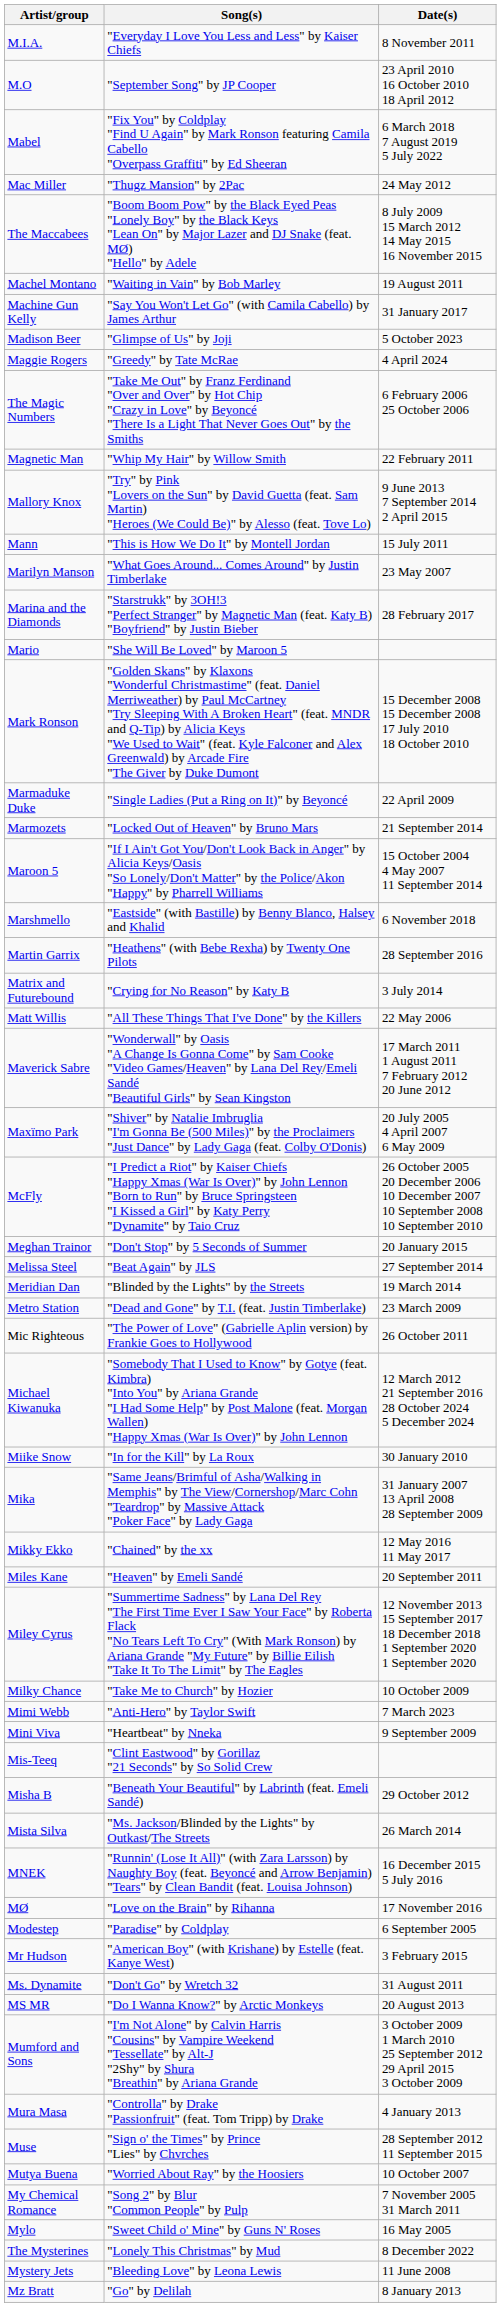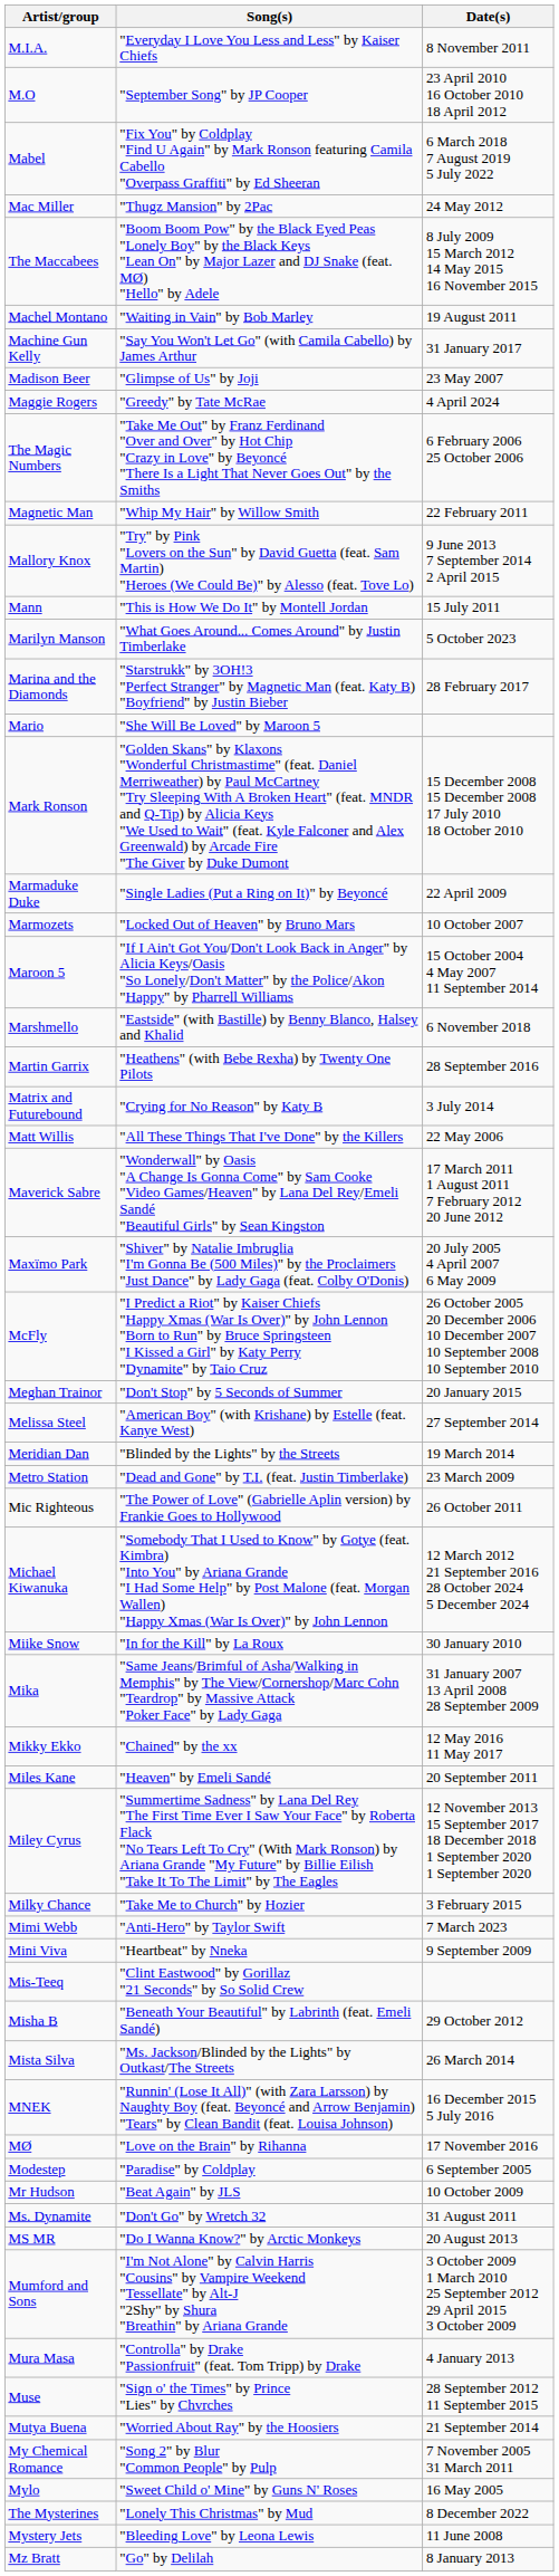 <table class="wikitable">
 <tr>
 <th>Artist/group</th>
 <th>Song(s)</th>
 <th>Date(s)</th>
 </tr>
 <tr>
 <td><a href='#'>M.I.A.</a></td>
 <td>"<a href='#'>Everyday I Love You Less and Less</a>" by <a href='#'>Kaiser Chiefs</a></td>
 <td>8 November 2011</td>
 </tr>
 <tr>
 <td><a href='#'>M.O</a></td>
 <td>"<a href='#'>September Song</a>" by <a href='#'>JP Cooper</a></td>
 <td>23 April 2010<br>16 October 2010<br>18 April 2012</td>
 </tr>
 <tr>
 <td><a href='#'>Mabel</a></td>
 <td>"<a href='#'>Fix You</a>" by <a href='#'>Coldplay</a><br>"<a href='#'>Find U Again</a>" by <a href='#'>Mark Ronson</a> featuring <a href='#'>Camila Cabello</a><br>"<a href='#'>Overpass Graffiti</a>" by <a href='#'>Ed Sheeran</a></td>
 <td>6 March 2018<br>7 August 2019<br>5 July 2022</td>
 </tr>
 <tr>
 <td><a href='#'>Mac Miller</a></td>
 <td>"<a href='#'>Thugz Mansion</a>" by <a href='#'>2Pac</a></td>
 <td>24 May 2012</td>
 </tr>
 <tr>
 <td><a href='#'>The Maccabees</a></td>
 <td>"<a href='#'>Boom Boom Pow</a>" by <a href='#'>the Black Eyed Peas</a><br>"<a href='#'>Lonely Boy</a>" by <a href='#'>the Black Keys</a><br>"<a href='#'>Lean On</a>" by <a href='#'>Major Lazer</a> and <a href='#'>DJ Snake</a> (feat. <a href='#'>MØ</a>)<br>"<a href='#'>Hello</a>" by <a href='#'>Adele</a></td>
 <td>8 July 2009<br>15 March 2012<br>14 May 2015<br>16 November 2015</td>
 </tr>
 <tr>
 <td><a href='#'>Machel Montano</a></td>
 <td>"<a href='#'>Waiting in Vain</a>" by <a href='#'>Bob Marley</a></td>
 <td>19 August 2011</td>
 </tr>
 <tr>
 <td><a href='#'>Machine Gun Kelly</a></td>
 <td>"<a href='#'>Say You Won't Let Go</a>" (with <a href='#'>Camila Cabello</a>) by <a href='#'>James Arthur</a></td>
 <td>31 January 2017</td>
 </tr>
 <tr>
 <td><a href='#'>Madison Beer</a></td>
 <td>"<a href='#'>Glimpse of Us</a>" by <a href='#'>Joji</a></td>
-<td>5 October 2023</td>
+<td>23 May 2007</td>
 </tr>
 <tr>
 <td><a href='#'>Maggie Rogers</a></td>
 <td>"<a href='#'>Greedy</a>" by <a href='#'>Tate McRae</a></td>
 <td>4 April 2024</td>
 </tr>
 <tr>
 <td><a href='#'>The Magic Numbers</a></td>
 <td>"<a href='#'>Take Me Out</a>" by <a href='#'>Franz Ferdinand</a><br> "<a href='#'>Over and Over</a>" by <a href='#'>Hot Chip</a><br>"<a href='#'>Crazy in Love</a>" by <a href='#'>Beyoncé</a><br>"<a href='#'>There Is a Light That Never Goes Out</a>" by <a href='#'>the Smiths</a></td>
 <td>6 February 2006<br>25 October 2006<br><br></td>
 </tr>
 <tr>
 <td><a href='#'>Magnetic Man</a></td>
 <td>"<a href='#'>Whip My Hair</a>" by <a href='#'>Willow Smith</a></td>
 <td>22 February 2011</td>
 </tr>
 <tr>
 <td><a href='#'>Mallory Knox</a></td>
 <td>"<a href='#'>Try</a>" by <a href='#'>Pink</a><br> "<a href='#'>Lovers on the Sun</a>" by <a href='#'>David Guetta</a> (feat. <a href='#'>Sam Martin</a>)<br>"<a href='#'>Heroes (We Could Be)</a>" by <a href='#'>Alesso</a> (feat. <a href='#'>Tove Lo</a>)</td>
 <td>9 June 2013<br>7 September 2014<br>2 April 2015</td>
 </tr>
 <tr>
 <td><a href='#'>Mann</a></td>
 <td>"<a href='#'>This is How We Do It</a>" by <a href='#'>Montell Jordan</a></td>
 <td>15 July 2011</td>
 </tr>
 <tr>
 <td><a href='#'>Marilyn Manson</a></td>
 <td>"<a href='#'>What Goes Around... Comes Around</a>" by <a href='#'>Justin Timberlake</a></td>
-<td>23 May 2007</td>
+<td>5 October 2023</td>
 </tr>
 <tr>
 <td><a href='#'>Marina and the Diamonds</a></td>
 <td>"<a href='#'>Starstrukk</a>" by <a href='#'>3OH!3</a> <br>"<a href='#'>Perfect Stranger</a>" by <a href='#'>Magnetic Man</a> (feat. <a href='#'>Katy B</a>)<br>"<a href='#'>Boyfriend</a>" by <a href='#'>Justin Bieber</a></td>
 <td>28 February 2017</td>
 </tr>
 <tr>
 <td><a href='#'>Mario</a></td>
 <td>"<a href='#'>She Will Be Loved</a>" by <a href='#'>Maroon 5</a></td>
 <td></td>
 </tr>
 <tr>
 <td><a href='#'>Mark Ronson</a></td>
 <td>"<a href='#'>Golden Skans</a>" by <a href='#'>Klaxons</a><br>"<a href='#'>Wonderful Christmastime</a>" (feat. <a href='#'>Daniel Merriweather</a>) by <a href='#'>Paul McCartney</a> <br>"<a href='#'>Try Sleeping With A Broken Heart</a>" (feat. <a href='#'>MNDR</a> and <a href='#'>Q-Tip</a>) by <a href='#'>Alicia Keys</a> <br>"<a href='#'>We Used to Wait</a>" (feat. <a href='#'>Kyle Falconer</a> and <a href='#'>Alex Greenwald</a>) by <a href='#'>Arcade Fire</a> <br>"<a href='#'>The Giver</a> by <a href='#'>Duke Dumont</a></td>
 <td>15 December 2008 <br>15 December 2008<br> 17 July 2010<br> 18 October 2010</td>
 </tr>
 <tr>
 <td><a href='#'>Marmaduke Duke</a></td>
 <td>"<a href='#'>Single Ladies (Put a Ring on It)</a>" by <a href='#'>Beyoncé</a></td>
 <td>22 April 2009</td>
 </tr>
 <tr>
 <td><a href='#'>Marmozets</a></td>
 <td>"<a href='#'>Locked Out of Heaven</a>" by <a href='#'>Bruno Mars</a></td>
-<td>21 September 2014</td>
+<td>10 October 2007</td>
 </tr>
 <tr>
 <td><a href='#'>Maroon 5</a></td>
 <td>"<a href='#'>If I Ain't Got You</a>/<a href='#'>Don't Look Back in Anger</a>" by <a href='#'>Alicia Keys</a>/<a href='#'>Oasis</a><br>"<a href='#'>So Lonely</a>/<a href='#'>Don't Matter</a>" by <a href='#'>the Police</a>/<a href='#'>Akon</a><br>"<a href='#'>Happy</a>" by <a href='#'>Pharrell Williams</a></td>
 <td>15 October 2004<br>4 May 2007<br>11 September 2014</td>
 </tr>
 <tr>
 <td><a href='#'>Marshmello</a></td>
 <td>"<a href='#'>Eastside</a>" (with <a href='#'>Bastille</a>) by <a href='#'>Benny Blanco</a>, <a href='#'>Halsey</a> and <a href='#'>Khalid</a></td>
 <td>6 November 2018</td>
 </tr>
 <tr>
 <td><a href='#'>Martin Garrix</a></td>
 <td>"<a href='#'>Heathens</a>" (with <a href='#'>Bebe Rexha</a>) by <a href='#'>Twenty One Pilots</a></td>
 <td>28 September 2016</td>
 </tr>
 <tr>
 <td><a href='#'>Matrix and Futurebound</a></td>
 <td>"<a href='#'>Crying for No Reason</a>" by <a href='#'>Katy B</a></td>
 <td>3 July 2014</td>
 </tr>
 <tr>
 <td><a href='#'>Matt Willis</a></td>
 <td>"<a href='#'>All These Things That I've Done</a>" by <a href='#'>the Killers</a></td>
 <td>22 May 2006</td>
 </tr>
 <tr>
 <td><a href='#'>Maverick Sabre</a></td>
 <td>"<a href='#'>Wonderwall</a>" by <a href='#'>Oasis</a><br>"<a href='#'>A Change Is Gonna Come</a>" by <a href='#'>Sam Cooke</a><br>"<a href='#'>Video Games</a>/<a href='#'>Heaven</a>" by <a href='#'>Lana Del Rey</a>/<a href='#'>Emeli Sandé</a><br>"<a href='#'>Beautiful Girls</a>" by <a href='#'>Sean Kingston</a></td>
 <td>17 March 2011<br>1 August 2011<br>7 February 2012<br>20 June 2012</td>
 </tr>
 <tr>
 <td><a href='#'>Maxïmo Park</a></td>
 <td>"<a href='#'>Shiver</a>" by <a href='#'>Natalie Imbruglia</a><br>"<a href='#'>I'm Gonna Be (500 Miles)</a>" by <a href='#'>the Proclaimers</a><br>"<a href='#'>Just Dance</a>" by <a href='#'>Lady Gaga</a> (feat. <a href='#'>Colby O'Donis</a>)</td>
 <td>20 July 2005<br>4 April 2007<br>6 May 2009</td>
 </tr>
 <tr>
 <td><a href='#'>McFly</a></td>
 <td>"<a href='#'>I Predict a Riot</a>" by <a href='#'>Kaiser Chiefs</a><br>"<a href='#'>Happy Xmas (War Is Over)</a>" by <a href='#'>John Lennon</a><br>"<a href='#'>Born to Run</a>" by <a href='#'>Bruce Springsteen</a><br>"<a href='#'>I Kissed a Girl</a>" by <a href='#'>Katy Perry</a> <br>"<a href='#'>Dynamite</a>" by <a href='#'>Taio Cruz</a></td>
 <td>26 October 2005<br>20 December 2006<br>10 December 2007 <br>10 September 2008<br>10 September 2010</td>
 </tr>
 <tr>
 <td><a href='#'>Meghan Trainor</a></td>
 <td>"<a href='#'>Don't Stop</a>" by <a href='#'>5 Seconds of Summer</a></td>
 <td>20 January 2015</td>
 </tr>
 <tr>
 <td><a href='#'>Melissa Steel</a></td>
-<td>"<a href='#'>Beat Again</a>" by <a href='#'>JLS</a></td>
+<td>"<a href='#'>American Boy</a>" (with <a href='#'>Krishane</a>) by <a href='#'>Estelle</a> (feat. <a href='#'>Kanye West</a>)</td>
 <td>27 September 2014</td>
 </tr>
 <tr>
 <td><a href='#'>Meridian Dan</a></td>
 <td>"Blinded by the Lights" by <a href='#'>the Streets</a></td>
 <td>19 March 2014</td>
 </tr>
 <tr>
 <td><a href='#'>Metro Station</a></td>
 <td>"<a href='#'>Dead and Gone</a>" by <a href='#'>T.I.</a> (feat. <a href='#'>Justin Timberlake</a>)</td>
 <td>23 March 2009</td>
 </tr>
 <tr>
 <td>Mic Righteous</td>
 <td>"<a href='#'>The Power of Love</a>" (<a href='#'>Gabrielle Aplin</a> version) by <a href='#'>Frankie Goes to Hollywood</a></td>
 <td>26 October 2011</td>
 </tr>
 <tr>
 <td><a href='#'>Michael Kiwanuka</a></td>
 <td>"<a href='#'>Somebody That I Used to Know</a>" by <a href='#'>Gotye</a> (feat. <a href='#'>Kimbra</a>)<br>"<a href='#'>Into You</a>" by <a href='#'>Ariana Grande</a><br>"<a href='#'>I Had Some Help</a>" by <a href='#'>Post Malone</a> (feat. <a href='#'>Morgan Wallen</a>)<br>"<a href='#'>Happy Xmas (War Is Over)</a>" by <a href='#'>John Lennon</a></td>
 <td>12 March 2012<br>21 September 2016<br>28 October 2024<br>5 December 2024</td>
 </tr>
 <tr>
 <td><a href='#'>Miike Snow</a></td>
 <td>"<a href='#'>In for the Kill</a>" by <a href='#'>La Roux</a></td>
 <td>30 January 2010</td>
 </tr>
 <tr>
 <td><a href='#'>Mika</a></td>
 <td>"<a href='#'>Same Jeans</a>/<a href='#'>Brimful of Asha</a>/<a href='#'>Walking in Memphis</a>" by <a href='#'>The View</a>/<a href='#'>Cornershop</a>/<a href='#'>Marc Cohn</a><br>"<a href='#'>Teardrop</a>" by <a href='#'>Massive Attack</a><br>"<a href='#'>Poker Face</a>" by <a href='#'>Lady Gaga</a></td>
 <td>31 January 2007<br>13 April 2008<br> 28 September 2009</td>
 </tr>
 <tr>
 <td><a href='#'>Mikky Ekko</a></td>
 <td>"<a href='#'>Chained</a>" by <a href='#'>the xx</a></td>
 <td>12 May 2016<br>11 May 2017</td>
 </tr>
 <tr>
 <td><a href='#'>Miles Kane</a></td>
 <td>"<a href='#'>Heaven</a>" by <a href='#'>Emeli Sandé</a></td>
 <td>20 September 2011</td>
 </tr>
 <tr>
 <td><a href='#'>Miley Cyrus</a></td>
 <td>"<a href='#'>Summertime Sadness</a>" by <a href='#'>Lana Del Rey</a><br>"<a href='#'>The First Time Ever I Saw Your Face</a>" by <a href='#'>Roberta Flack</a><br>"<a href='#'>No Tears Left To Cry</a>" (With <a href='#'>Mark Ronson</a>) by <a href='#'>Ariana Grande</a> "<a href='#'>My Future</a>" by <a href='#'>Billie Eilish</a><br>"<a href='#'>Take It To The Limit</a>" by <a href='#'>The Eagles</a></td>
 <td>12 November 2013<br>15 September 2017 18 December 2018<br>1 September 2020<br>1 September 2020</td>
 </tr>
 <tr>
 <td><a href='#'>Milky Chance</a></td>
 <td>"<a href='#'>Take Me to Church</a>" by <a href='#'>Hozier</a></td>
-<td>10 October 2009</td>
+<td>3 February 2015</td>
 </tr>
 <tr>
 <td><a href='#'>Mimi Webb</a></td>
 <td>"<a href='#'>Anti-Hero</a>" by <a href='#'>Taylor Swift</a></td>
 <td>7 March 2023</td>
 </tr>
 <tr>
 <td><a href='#'>Mini Viva</a></td>
 <td>"Heartbeat" by <a href='#'>Nneka</a></td>
 <td>9 September 2009</td>
 </tr>
 <tr>
 <td><a href='#'>Mis-Teeq</a></td>
 <td>"<a href='#'>Clint Eastwood</a>" by <a href='#'>Gorillaz</a><br>"<a href='#'>21 Seconds</a>" by <a href='#'>So Solid Crew</a></td>
 </tr>
 <tr>
 <td><a href='#'>Misha B</a></td>
 <td>"<a href='#'>Beneath Your Beautiful</a>" by <a href='#'>Labrinth</a> (feat. <a href='#'>Emeli Sandé</a>)</td>
 <td>29 October 2012</td>
 </tr>
 <tr>
 <td><a href='#'>Mista Silva</a></td>
 <td>"<a href='#'>Ms. Jackson</a>/Blinded by the Lights" by <a href='#'>Outkast</a>/<a href='#'>The Streets</a></td>
 <td>26 March 2014</td>
 </tr>
 <tr>
 <td><a href='#'>MNEK</a></td>
 <td>"<a href='#'>Runnin' (Lose It All)</a>" (with <a href='#'>Zara Larsson</a>) by <a href='#'>Naughty Boy</a> (feat. <a href='#'>Beyoncé</a> and <a href='#'>Arrow Benjamin</a>)<br>"<a href='#'>Tears</a>" by <a href='#'>Clean Bandit</a> (feat. <a href='#'>Louisa Johnson</a>)</td>
 <td>16 December 2015<br>5 July 2016</td>
 </tr>
 <tr>
 <td><a href='#'>MØ</a></td>
 <td>"<a href='#'>Love on the Brain</a>" by <a href='#'>Rihanna</a></td>
 <td>17 November 2016</td>
 </tr>
 <tr>
 <td><a href='#'>Modestep</a></td>
 <td>"<a href='#'>Paradise</a>" by <a href='#'>Coldplay</a></td>
 <td>6 September 2005</td>
 </tr>
 <tr>
 <td><a href='#'>Mr Hudson</a></td>
-<td>"<a href='#'>American Boy</a>" (with <a href='#'>Krishane</a>) by <a href='#'>Estelle</a> (feat. <a href='#'>Kanye West</a>)</td>
-<td>3 February 2015</td>
+<td>"<a href='#'>Beat Again</a>" by <a href='#'>JLS</a></td>
+<td>10 October 2009</td>
 </tr>
 <tr>
 <td><a href='#'>Ms. Dynamite</a></td>
 <td>"<a href='#'>Don't Go</a>" by <a href='#'>Wretch 32</a></td>
 <td>31 August 2011</td>
 </tr>
 <tr>
 <td><a href='#'>MS MR</a></td>
 <td>"<a href='#'>Do I Wanna Know?</a>" by <a href='#'>Arctic Monkeys</a></td>
 <td>20 August 2013</td>
 </tr>
 <tr>
 <td><a href='#'>Mumford and Sons</a></td>
 <td>"<a href='#'>I'm Not Alone</a>" by <a href='#'>Calvin Harris</a><br>"<a href='#'>Cousins</a>" by <a href='#'>Vampire Weekend</a><br>"<a href='#'>Tessellate</a>" by <a href='#'>Alt-J</a><br> "2Shy" by <a href='#'>Shura</a><br>"<a href='#'>Breathin</a>" by <a href='#'>Ariana Grande</a></td>
 <td>3 October 2009<br>1 March 2010<br>25 September 2012<br> 29 April 2015<br> 3 October 2009<br></td>
 </tr>
 <tr>
 <td><a href='#'>Mura Masa</a></td>
 <td>"<a href='#'>Controlla</a>" by <a href='#'>Drake</a><br>"<a href='#'>Passionfruit</a>" (feat. Tom Tripp) by <a href='#'>Drake</a></td>
 <td>4 January 2013</td>
 </tr>
 <tr>
 <td><a href='#'>Muse</a></td>
 <td>"<a href='#'>Sign o' the Times</a>" by <a href='#'>Prince</a><br>"Lies" by <a href='#'>Chvrches</a></td>
 <td>28 September 2012 <br> 11 September 2015</td>
 </tr>
 <tr>
 <td><a href='#'>Mutya Buena</a></td>
 <td>"<a href='#'>Worried About Ray</a>" by <a href='#'>the Hoosiers</a></td>
-<td>10 October 2007</td>
+<td>21 September 2014</td>
 </tr>
 <tr>
 <td><a href='#'>My Chemical Romance</a></td>
 <td>"<a href='#'>Song 2</a>" by <a href='#'>Blur</a><br>"<a href='#'>Common People</a>" by <a href='#'>Pulp</a></td>
 <td>7 November 2005<br>31 March 2011</td>
 </tr>
 <tr>
 <td><a href='#'>Mylo</a></td>
 <td>"<a href='#'>Sweet Child o' Mine</a>" by <a href='#'>Guns N' Roses</a></td>
 <td>16 May 2005</td>
 </tr>
 <tr>
 <td><a href='#'>The Mysterines</a></td>
 <td>"<a href='#'>Lonely This Christmas</a>" by <a href='#'>Mud</a></td>
 <td>8 December 2022</td>
 </tr>
 <tr>
 <td><a href='#'>Mystery Jets</a></td>
 <td>"<a href='#'>Bleeding Love</a>" by <a href='#'>Leona Lewis</a></td>
 <td>11 June 2008</td>
 </tr>
 <tr>
 <td><a href='#'>Mz Bratt</a></td>
 <td>"<a href='#'>Go</a>" by <a href='#'>Delilah</a></td>
 <td>8 January 2013</td>
 </tr>
 </table>
